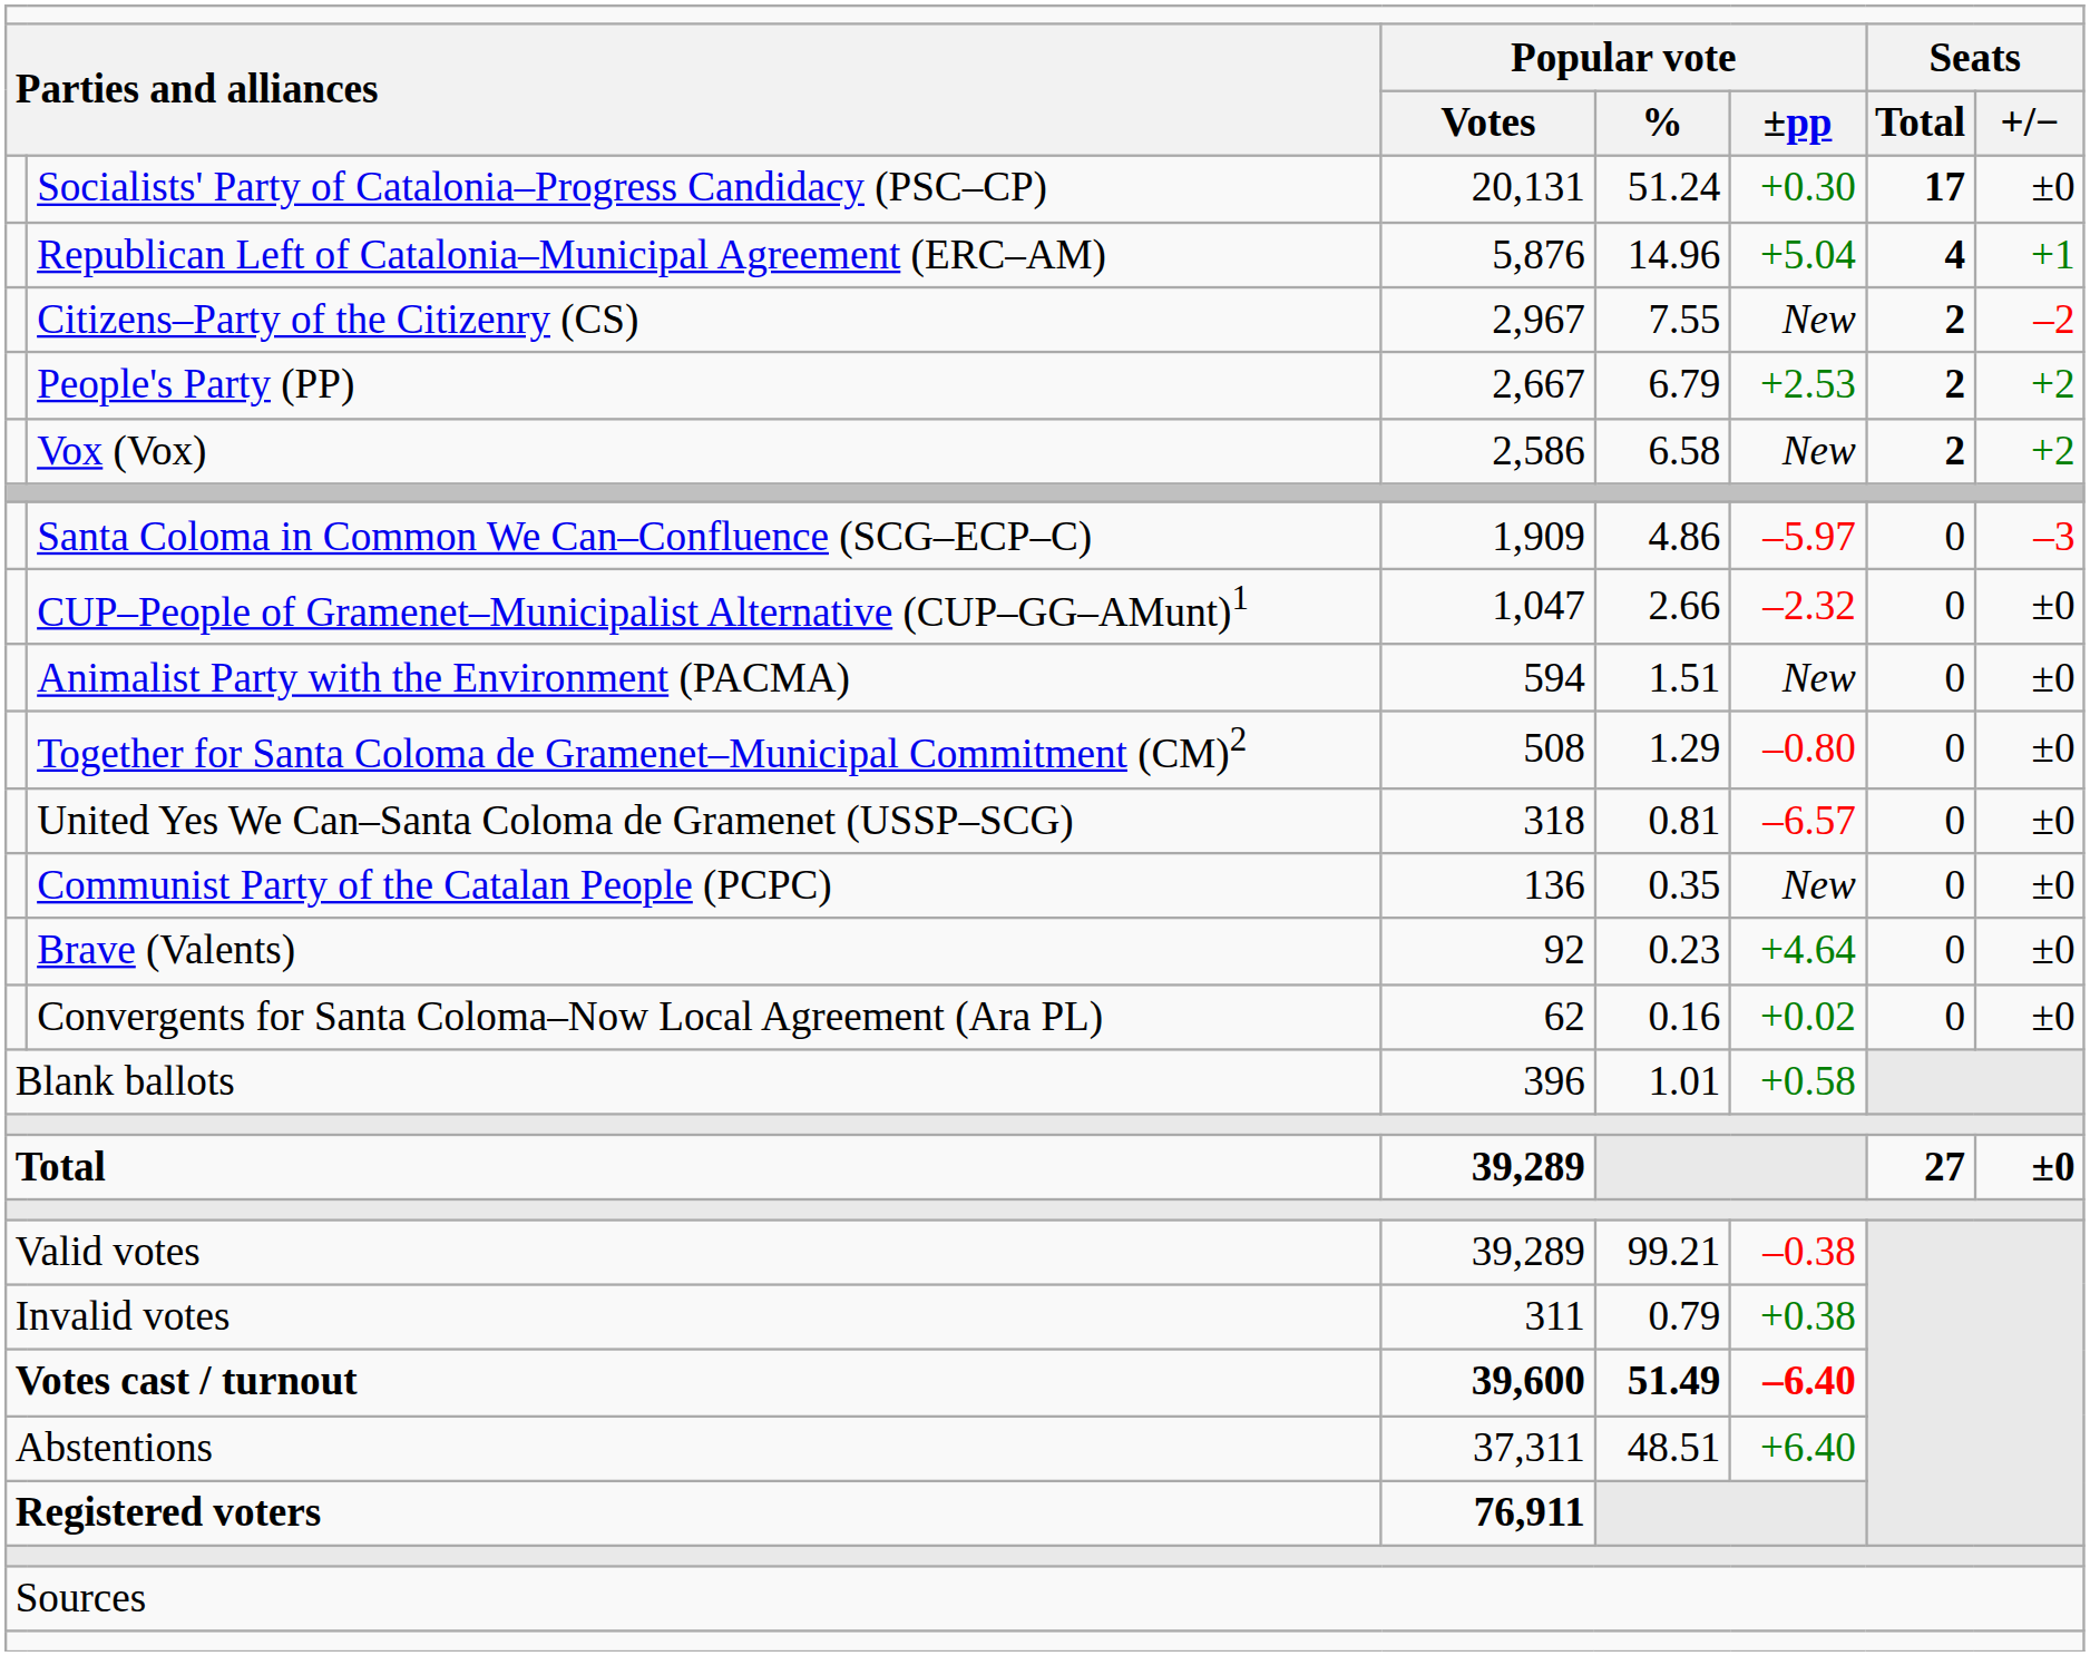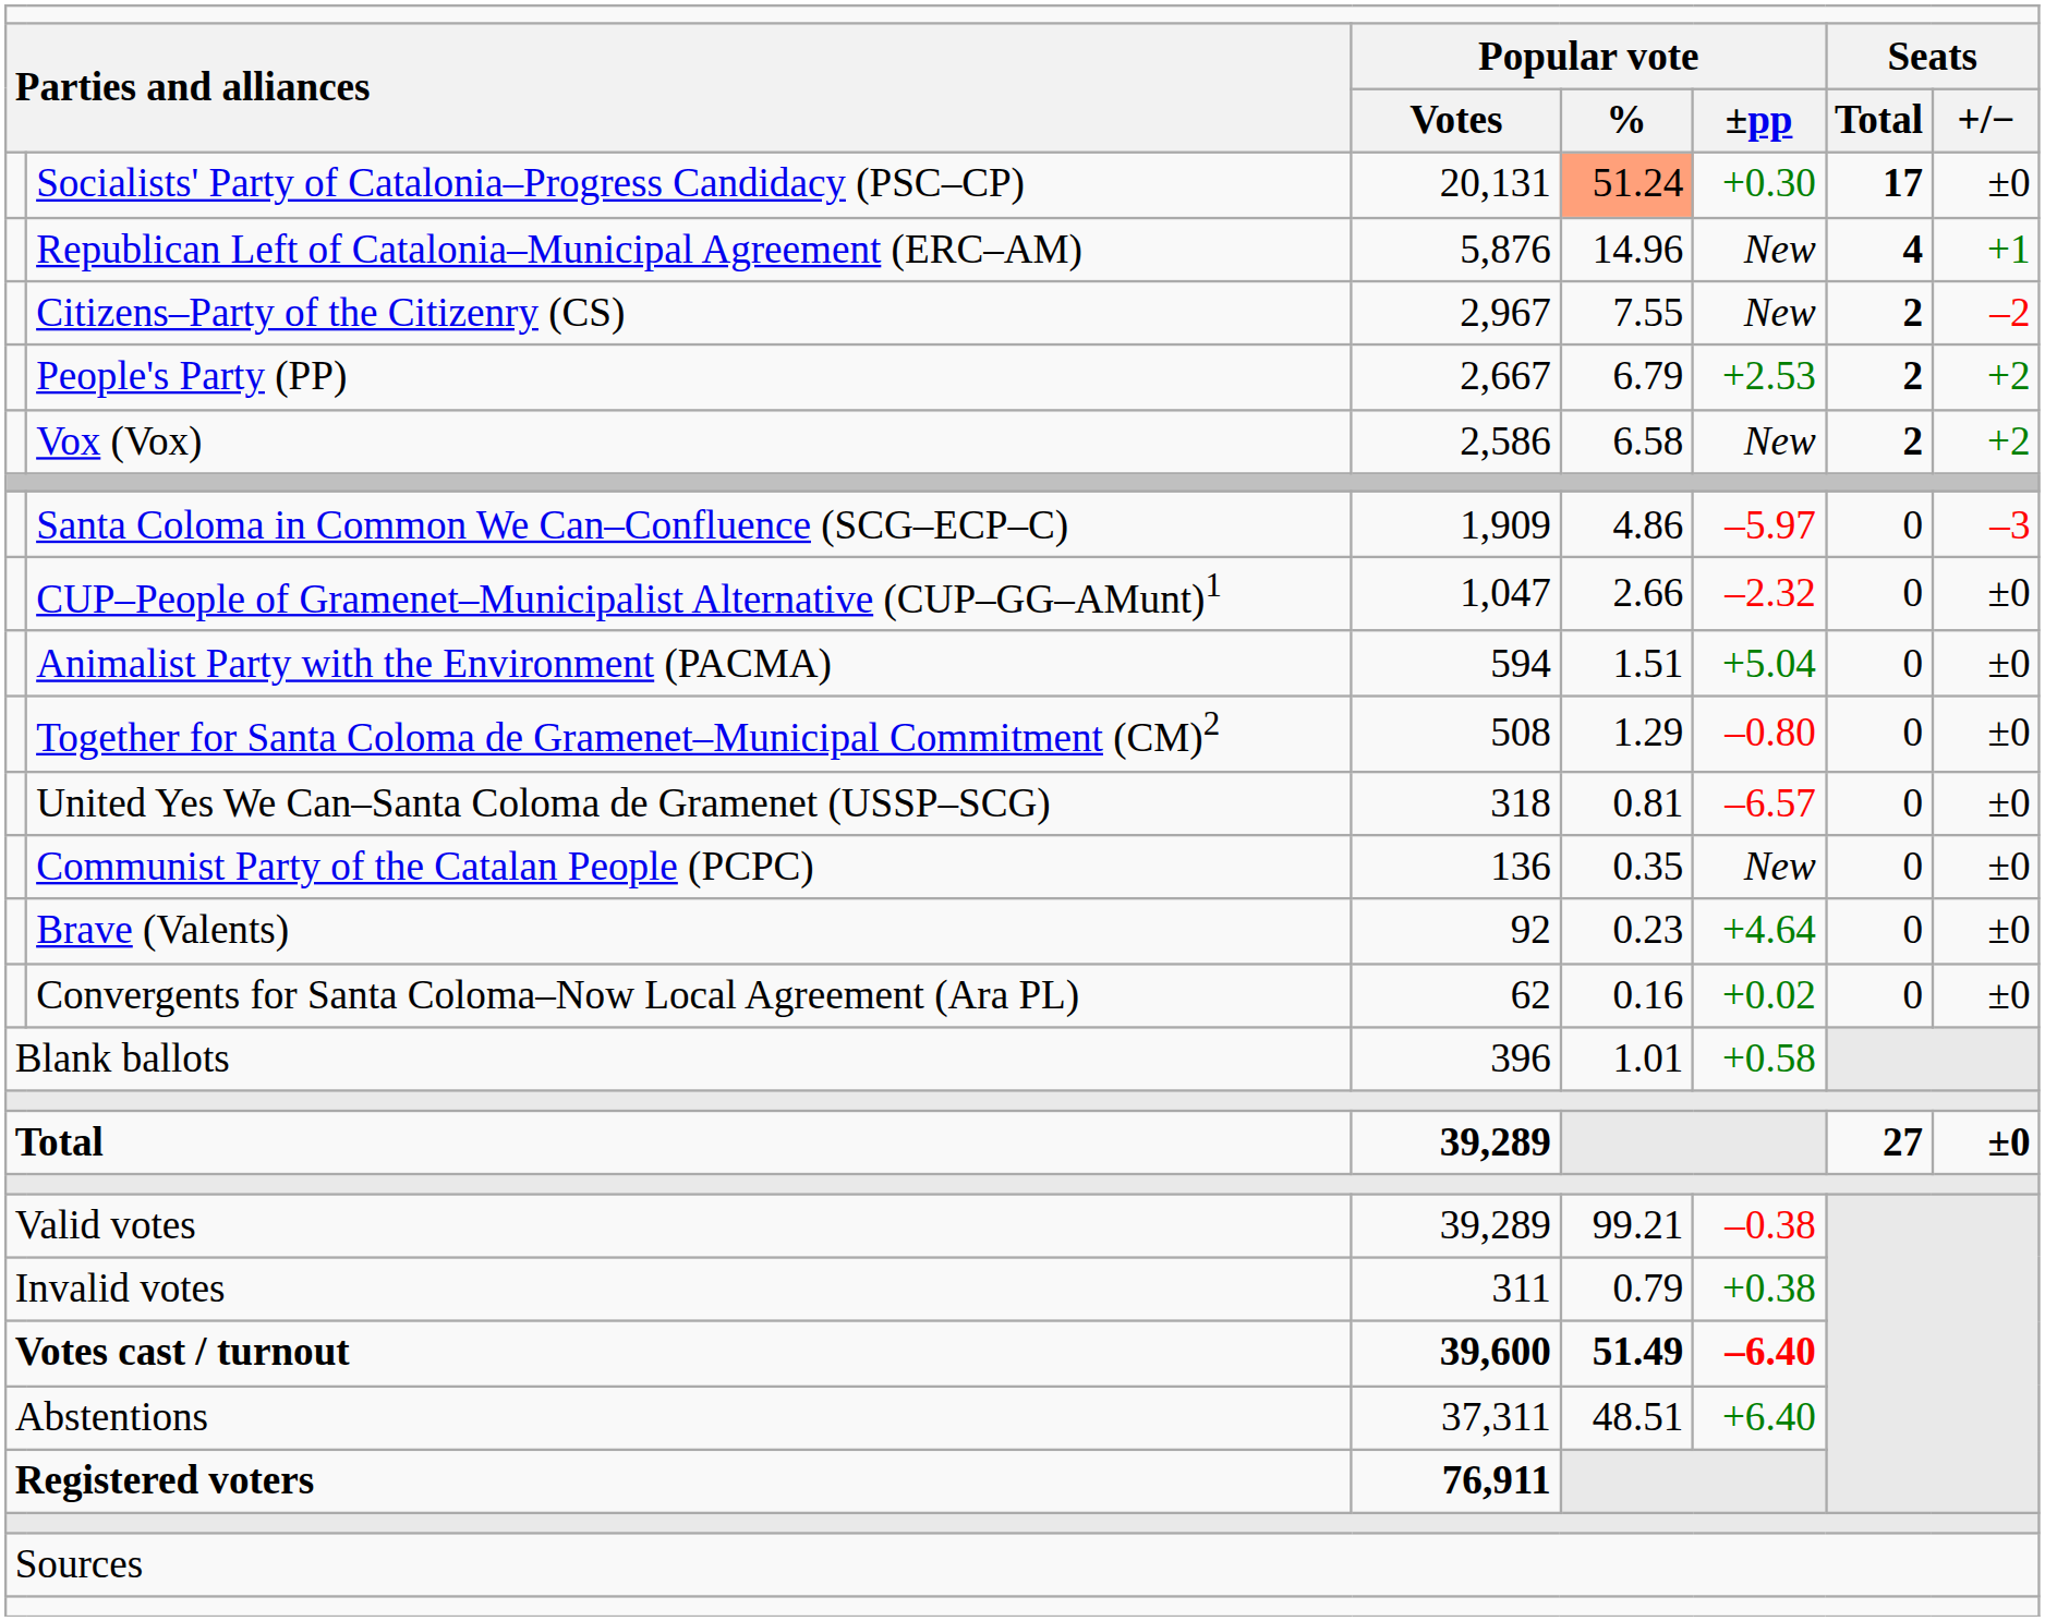 <table class="wikitable" style="text-align:right;">
 <tr>
 <td colspan="7"></td>
 </tr>
 <tr>
 <th style="text-align:left;" rowspan="2" colspan="2" width="525">Parties and alliances</th>
 <th colspan="3">Popular vote</th>
 <th colspan="2">Seats</th>
 </tr>
 <tr>
 <th width="75">Votes</th>
 <th width="45">%</th>
 <th width="45">±<a href='#'>pp</a></th>
 <th width="35">Total</th>
 <th width="35">+/−</th>
 </tr>
 <tr>
 <td width="1" style="color:inherit;background:"></td>
 <td align="left"><a href='#'>Socialists' Party of Catalonia–Progress Candidacy</a> (PSC–CP)</td>
 <td>20,131</td>
-<td>51.24</td>
+<td style="background: lightsalmon;">51.24</td>
 <td style="color:green;">+0.30</td>
 <td><strong>17</strong></td>
 <td>±0</td>
 </tr>
 <tr>
 <td style="color:inherit;background:"></td>
 <td align="left"><a href='#'>Republican Left of Catalonia–Municipal Agreement</a> (ERC–AM)</td>
 <td>5,876</td>
 <td>14.96</td>
-<td style="color:green;">+5.04</td>
+<td><em>New</em></td>
 <td><strong>4</strong></td>
 <td style="color:green;">+1</td>
 </tr>
 <tr>
 <td style="color:inherit;background:"></td>
 <td align="left"><a href='#'>Citizens–Party of the Citizenry</a> (CS)</td>
 <td>2,967</td>
 <td>7.55</td>
 <td><em>New</em></td>
 <td><strong>2</strong></td>
 <td style="color:red;">–2</td>
 </tr>
 <tr>
 <td style="color:inherit;background:"></td>
 <td align="left"><a href='#'>People's Party</a> (PP)</td>
 <td>2,667</td>
 <td>6.79</td>
 <td style="color:green;">+2.53</td>
 <td><strong>2</strong></td>
 <td style="color:green;">+2</td>
 </tr>
 <tr>
 <td style="color:inherit;background:"></td>
 <td align="left"><a href='#'>Vox</a> (Vox)</td>
 <td>2,586</td>
 <td>6.58</td>
 <td><em>New</em></td>
 <td><strong>2</strong></td>
 <td style="color:green;">+2</td>
 </tr>
 <tr>
 <td colspan="7" bgcolor="#C0C0C0"></td>
 </tr>
 <tr>
 <td style="color:inherit;background:"></td>
 <td align="left"><a href='#'>Santa Coloma in Common We Can–Confluence</a> (SCG–ECP–C)</td>
 <td>1,909</td>
 <td>4.86</td>
 <td style="color:red;">–5.97</td>
 <td>0</td>
 <td style="color:red;">–3</td>
 </tr>
 <tr>
 <td style="color:inherit;background:"></td>
 <td align="left"><a href='#'>CUP–People of Gramenet–Municipalist Alternative</a> (CUP–GG–AMunt)<sup>1</sup></td>
 <td>1,047</td>
 <td>2.66</td>
 <td style="color:red;">–2.32</td>
 <td>0</td>
 <td>±0</td>
 </tr>
 <tr>
 <td style="color:inherit;background:"></td>
 <td align="left"><a href='#'>Animalist Party with the Environment</a> (PACMA)</td>
 <td>594</td>
 <td>1.51</td>
-<td><em>New</em></td>
+<td style="color:green;">+5.04</td>
 <td>0</td>
 <td>±0</td>
 </tr>
 <tr>
 <td style="color:inherit;background:"></td>
 <td align="left"><a href='#'>Together for Santa Coloma de Gramenet–Municipal Commitment</a> (CM)<sup>2</sup></td>
 <td>508</td>
 <td>1.29</td>
 <td style="color:red;">–0.80</td>
 <td>0</td>
 <td>±0</td>
 </tr>
 <tr>
 <td style="color:inherit;background:"></td>
 <td align="left">United Yes We Can–Santa Coloma de Gramenet (USSP–SCG)</td>
 <td>318</td>
 <td>0.81</td>
 <td style="color:red;">–6.57</td>
 <td>0</td>
 <td>±0</td>
 </tr>
 <tr>
 <td style="color:inherit;background:"></td>
 <td align="left"><a href='#'>Communist Party of the Catalan People</a> (PCPC)</td>
 <td>136</td>
 <td>0.35</td>
 <td><em>New</em></td>
 <td>0</td>
 <td>±0</td>
 </tr>
 <tr>
 <td style="color:inherit;background:"></td>
 <td align="left"><a href='#'>Brave</a> (Valents)</td>
 <td>92</td>
 <td>0.23</td>
 <td style="color:green;">+4.64</td>
 <td>0</td>
 <td>±0</td>
 </tr>
 <tr>
 <td style="color:inherit;background:"></td>
 <td align="left">Convergents for Santa Coloma–Now Local Agreement (Ara PL)</td>
 <td>62</td>
 <td>0.16</td>
 <td style="color:green;">+0.02</td>
 <td>0</td>
 <td>±0</td>
 </tr>
 <tr>
 <td align="left" colspan="2">Blank ballots</td>
 <td>396</td>
 <td>1.01</td>
 <td style="color:green;">+0.58</td>
 <td bgcolor="#E9E9E9" colspan="2"></td>
 </tr>
 <tr>
 <td colspan="7" bgcolor="#E9E9E9"></td>
 </tr>
 <tr style="font-weight:bold;">
 <td align="left" colspan="2">Total</td>
 <td>39,289</td>
 <td bgcolor="#E9E9E9" colspan="2"></td>
 <td>27</td>
 <td>±0</td>
 </tr>
 <tr>
 <td colspan="7" bgcolor="#E9E9E9"></td>
 </tr>
 <tr>
 <td align="left" colspan="2">Valid votes</td>
 <td>39,289</td>
 <td>99.21</td>
 <td style="color:red;">–0.38</td>
 <td bgcolor="#E9E9E9" colspan="2" rowspan="5"></td>
 </tr>
 <tr>
 <td align="left" colspan="2">Invalid votes</td>
 <td>311</td>
 <td>0.79</td>
 <td style="color:green;">+0.38</td>
 </tr>
 <tr style="font-weight:bold;">
 <td align="left" colspan="2">Votes cast / turnout</td>
 <td>39,600</td>
 <td>51.49</td>
 <td style="color:red;">–6.40</td>
 </tr>
 <tr>
 <td align="left" colspan="2">Abstentions</td>
 <td>37,311</td>
 <td>48.51</td>
 <td style="color:green;">+6.40</td>
 </tr>
 <tr style="font-weight:bold;">
 <td align="left" colspan="2">Registered voters</td>
 <td>76,911</td>
 <td bgcolor="#E9E9E9" colspan="2"></td>
 </tr>
 <tr>
 <td colspan="7" bgcolor="#E9E9E9"></td>
 </tr>
 <tr>
 <td align="left" colspan="7">Sources</td>
 </tr>
 <tr>
 <td colspan="7" style="text-align:left; max-width:790px;"></td>
 </tr>
 </table>
